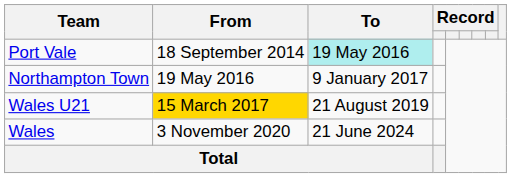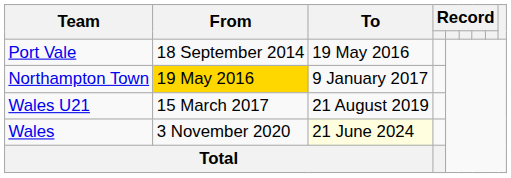 <table class=wikitable style="text-align: center">
 <tr>
 <th rowspan=2>Team</th>
 <th rowspan=2>From</th>
 <th rowspan=2>To</th>
 <th colspan=5>Record</th>
 <th rowspan=2></th>
 </tr>
 <tr>
 <th></th>
 <th></th>
 <th></th>
 <th></th>
 <th></th>
 </tr>
 <tr>
 <td align=left><a href='#'>Port Vale</a></td>
 <td align=left>18 September 2014</td>
-<td align=left style="background: paleturquoise;">19 May 2016<br></td>
+<td align=left>19 May 2016<br></td>
 <td></td>
 </tr>
 <tr>
 <td align=left><a href='#'>Northampton Town</a></td>
-<td align=left>19 May 2016</td>
+<td align=left style="background: gold;">19 May 2016</td>
 <td align=left>9 January 2017<br></td>
 <td></td>
 </tr>
 <tr>
 <td align=left><a href='#'>Wales U21</a></td>
-<td align=left style="background: gold;">15 March 2017</td>
+<td align=left>15 March 2017</td>
 <td align=left>21 August 2019<br></td>
 <td></td>
 </tr>
 <tr>
 <td align=left><a href='#'>Wales</a></td>
 <td align=left>3 November 2020</td>
-<td align=left>21 June 2024<br></td>
+<td align=left style="background: lightyellow;">21 June 2024<br></td>
 <td></td>
 </tr>
 <tr>
 <th colspan=3>Total<br></th>
 <th></th>
 </tr>
 </table>
